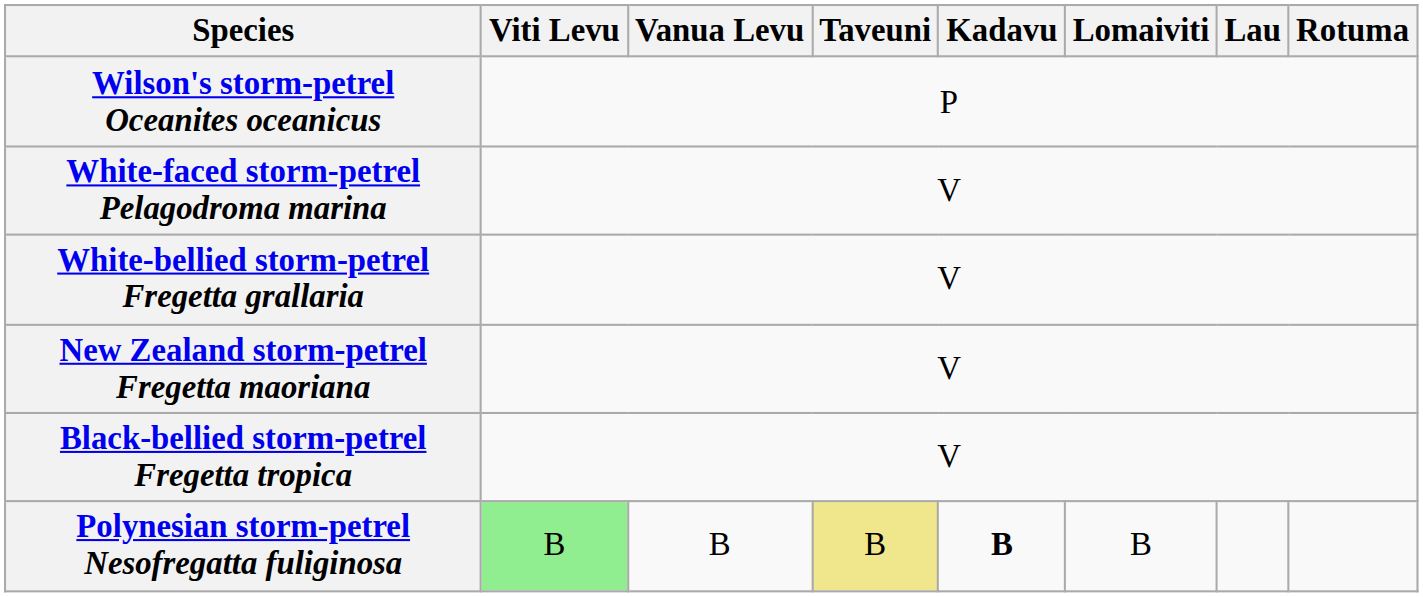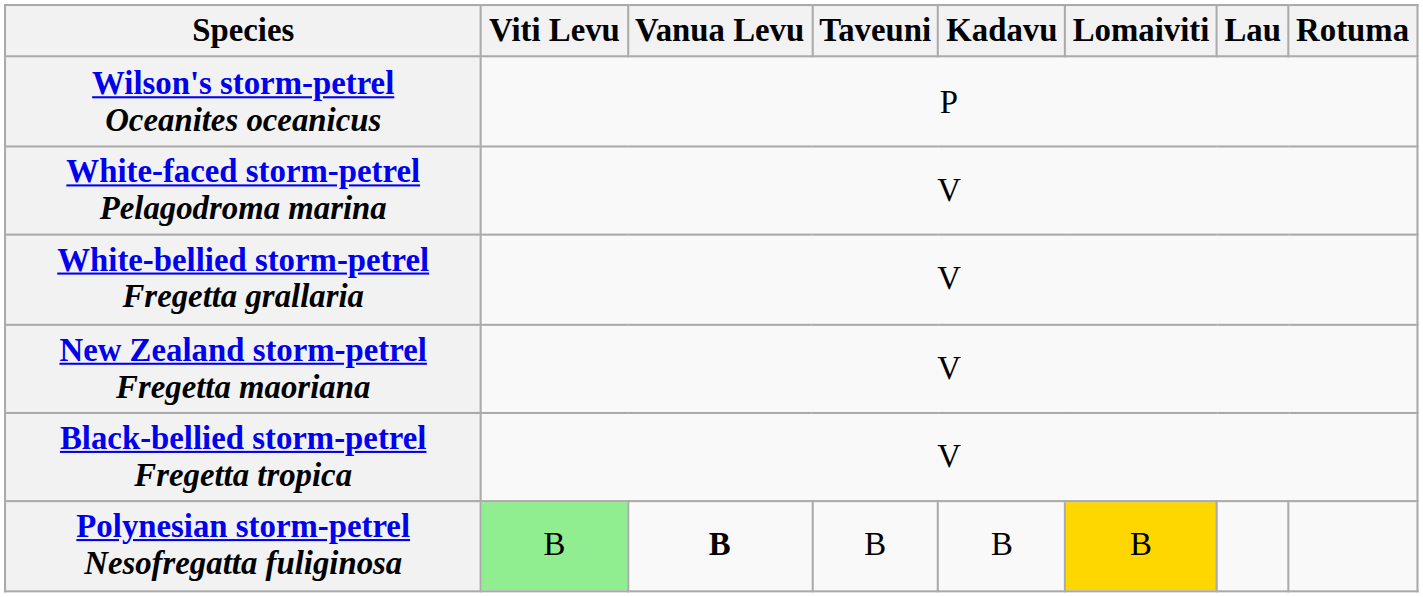 <table class="wikitable" style="text-align:center">
 <tr>
 <th width="225">Species</th>
 <th>Viti Levu</th>
 <th>Vanua Levu</th>
 <th>Taveuni</th>
 <th>Kadavu</th>
 <th>Lomaiviti</th>
 <th>Lau</th>
 <th>Rotuma</th>
 </tr>
 <tr>
 <th><a href='#'>Wilson's storm-petrel</a><br><em>Oceanites oceanicus</em></th>
 <td colspan="8" align="center">P</td>
 </tr>
 <tr>
 <th><a href='#'>White-faced storm-petrel</a><br><em>Pelagodroma marina</em></th>
 <td colspan="8" align="center">V</td>
 </tr>
 <tr>
 <th><a href='#'>White-bellied storm-petrel</a><br><em>Fregetta grallaria</em></th>
 <td colspan="8" align="center">V</td>
 </tr>
 <tr>
 <th><a href='#'>New Zealand storm-petrel</a><br><em>Fregetta maoriana</em></th>
 <td colspan="8" align="center">V</td>
 </tr>
 <tr>
 <th><a href='#'>Black-bellied storm-petrel</a><br><em>Fregetta tropica </em></th>
 <td colspan="8" align="center">V</td>
 </tr>
 <tr>
 <th><a href='#'>Polynesian storm-petrel</a><br><em>Nesofregatta fuliginosa</em></th>
 <td style="background: lightgreen;">B</td>
-<td>B</td>
-<td style="background: khaki;">B</td>
 <td><strong>B</strong></td>
 <td>B</td>
+<td>B</td>
+<td style="background: gold;">B</td>
 <td></td>
 <td></td>
 </tr>
 </table>
